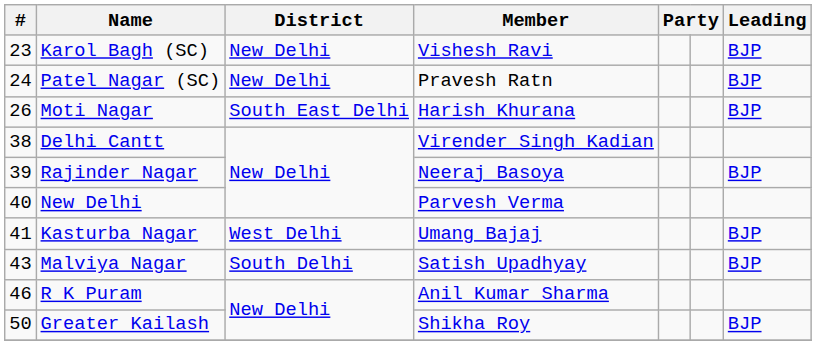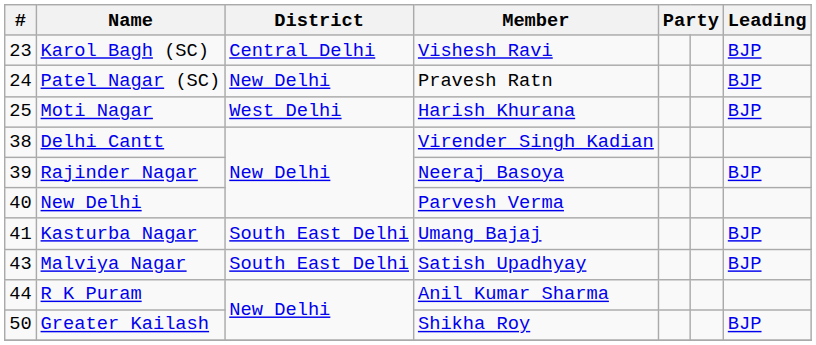 <table class="wikitable">
 <tr>
 <th>#</th>
 <th>Name</th>
 <th>District</th>
 <th>Member</th>
 <th colspan="2">Party</th>
 <th colspan="2">Leading<br></th>
 </tr>
 <tr>
 <td>23</td>
 <td><a href='#'>Karol Bagh</a> (SC)</td>
-<td><a href='#'>New Delhi</a></td>
+<td><a href='#'>Central Delhi</a></td>
 <td><a href='#'>Vishesh Ravi</a></td>
 <td></td>
 <td style="background-color:"></td>
 <td><a href='#'>BJP</a></td>
 </tr>
 <tr>
 <td>24</td>
 <td><a href='#'>Patel Nagar</a> (SC)</td>
 <td><a href='#'>New Delhi</a></td>
 <td>Pravesh Ratn</td>
 <td></td>
 <td style="background-color:"></td>
 <td><a href='#'>BJP</a></td>
 </tr>
 <tr>
-<td>26</td>
+<td>25</td>
 <td><a href='#'>Moti Nagar</a></td>
-<td><a href='#'>South East Delhi</a></td>
+<td><a href='#'>West Delhi</a></td>
 <td><a href='#'>Harish Khurana</a></td>
 <td></td>
 <td style="background-color:"></td>
 <td><a href='#'>BJP</a></td>
 </tr>
 <tr>
 <td>38</td>
 <td><a href='#'>Delhi Cantt</a></td>
 <td rowspan="3"><a href='#'>New Delhi</a></td>
 <td><a href='#'>Virender Singh Kadian</a></td>
 <td></td>
 <td></td>
 </tr>
 <tr>
 <td>39</td>
 <td><a href='#'>Rajinder Nagar</a></td>
 <td><a href='#'>Neeraj Basoya</a></td>
 <td></td>
 <td style="background-color:"></td>
 <td><a href='#'>BJP</a></td>
 </tr>
 <tr>
 <td>40</td>
 <td><a href='#'>New Delhi</a></td>
 <td><a href='#'>Parvesh Verma</a></td>
 <td></td>
 <td></td>
 </tr>
 <tr>
 <td>41</td>
 <td><a href='#'>Kasturba Nagar</a></td>
-<td><a href='#'>West Delhi</a></td>
+<td><a href='#'>South East Delhi</a></td>
 <td><a href='#'>Umang Bajaj</a></td>
 <td></td>
 <td style="background-color:"></td>
 <td><a href='#'>BJP</a></td>
 </tr>
 <tr>
 <td>43</td>
 <td><a href='#'>Malviya Nagar</a></td>
-<td><a href='#'>South Delhi</a></td>
+<td><a href='#'>South East Delhi</a></td>
 <td><a href='#'>Satish Upadhyay</a></td>
 <td></td>
 <td style="background-color:"></td>
 <td><a href='#'>BJP</a></td>
 </tr>
 <tr>
-<td>46</td>
+<td>44</td>
 <td><a href='#'>R K Puram</a></td>
 <td rowspan="2"><a href='#'>New Delhi</a></td>
 <td><a href='#'>Anil Kumar Sharma</a></td>
 <td></td>
 <td></td>
 </tr>
 <tr>
 <td>50</td>
 <td><a href='#'>Greater Kailash</a></td>
 <td><a href='#'>Shikha Roy</a></td>
 <td></td>
 <td style="background-color:"></td>
 <td><a href='#'>BJP</a></td>
 </tr>
 <tr>
 </tr>
 </table>
